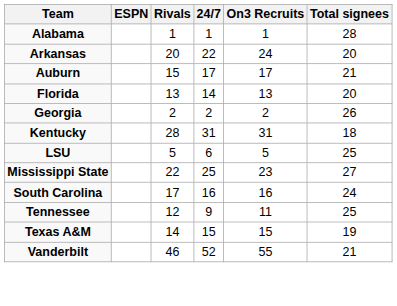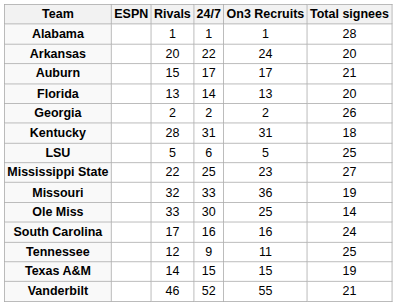 <table class="wikitable sortable" style="text-align:center">
 <tr>
 <th>Team</th>
 <th>ESPN</th>
 <th>Rivals</th>
 <th>24/7</th>
 <th>On3 Recruits</th>
 <th>Total signees</th>
 </tr>
 <tr>
 <td><strong>Alabama</strong></td>
 <td style="text-align:center; background:white"></td>
 <td style="text-align:center; background:white">1</td>
 <td style="text-align:center; background:white">1</td>
 <td style="text-align:center; background:white">1</td>
 <td style="text-align:center; background:white">28</td>
 </tr>
 <tr>
 <td><strong>Arkansas</strong></td>
 <td style="text-align:center; background:white"></td>
 <td style="text-align:center; background:white">20</td>
 <td style="text-align:center; background:white">22</td>
 <td style="text-align:center; background:white">24</td>
 <td style="text-align:center; background:white">20</td>
 </tr>
 <tr>
 <td><strong>Auburn</strong></td>
 <td style="text-align:center; background:white"></td>
 <td style="text-align:center; background:white">15</td>
 <td style="text-align:center; background:white">17</td>
 <td style="text-align:center; background:white">17</td>
 <td style="text-align:center; background:white">21</td>
 </tr>
 <tr>
 <td><strong>Florida</strong></td>
 <td style="text-align:center; background:white"></td>
 <td style="text-align:center; background:white">13</td>
 <td style="text-align:center; background:white">14</td>
 <td style="text-align:center; background:white">13</td>
 <td style="text-align:center; background:white">20</td>
 </tr>
 <tr>
 <td><strong>Georgia</strong></td>
 <td style="text-align:center; background:white"></td>
 <td style="text-align:center; background:white">2</td>
 <td style="text-align:center; background:white">2</td>
 <td style="text-align:center; background:white">2</td>
 <td style="text-align:center; background:white">26</td>
 </tr>
 <tr>
 <td><strong>Kentucky</strong></td>
 <td style="text-align:center; background:white"></td>
 <td style="text-align:center; background:white">28</td>
 <td style="text-align:center; background:white">31</td>
 <td style="text-align:center; background:white">31</td>
 <td style="text-align:center; background:white">18</td>
 </tr>
 <tr>
 <td><strong>LSU</strong></td>
 <td style="text-align:center; background:white"></td>
 <td style="text-align:center; background:white">5</td>
 <td style="text-align:center; background:white">6</td>
 <td style="text-align:center; background:white">5</td>
 <td style="text-align:center; background:white">25</td>
 </tr>
 <tr>
 <td><strong>Mississippi State</strong></td>
 <td style="text-align:center; background:white"></td>
 <td style="text-align:center; background:white">22</td>
 <td style="text-align:center; background:white">25</td>
 <td style="text-align:center; background:white">23</td>
 <td style="text-align:center; background:white">27</td>
 </tr>
 <tr>
+<td><strong>Missouri</strong></td>
+<td style="text-align:center; background:white"></td>
+<td style="text-align:center; background:white">32</td>
+<td style="text-align:center; background:white">33</td>
+<td style="text-align:center; background:white">36</td>
+<td style="text-align:center; background:white">19</td>
+</tr>
+<tr>
+<td><strong>Ole Miss</strong></td>
+<td style="text-align:center; background:white"></td>
+<td style="text-align:center; background:white">33</td>
+<td style="text-align:center; background:white">30</td>
+<td style="text-align:center; background:white">25</td>
+<td style="text-align:center; background:white">14</td>
+</tr>
+<tr>
 <td><strong>South Carolina</strong></td>
 <td style="text-align:center; background:white"></td>
 <td style="text-align:center; background:white">17</td>
 <td style="text-align:center; background:white">16</td>
 <td style="text-align:center; background:white">16</td>
 <td style="text-align:center; background:white">24</td>
 </tr>
 <tr>
 <td><strong>Tennessee</strong></td>
 <td style="text-align:center; background:white"></td>
 <td style="text-align:center; background:white">12</td>
 <td style="text-align:center; background:white">9</td>
 <td style="text-align:center; background:white">11</td>
 <td style="text-align:center; background:white">25</td>
 </tr>
 <tr>
 <td><strong>Texas A&M</strong></td>
 <td style="text-align:center; background:white"></td>
 <td style="text-align:center; background:white">14</td>
 <td style="text-align:center; background:white">15</td>
 <td style="text-align:center; background:white">15</td>
 <td style="text-align:center; background:white">19</td>
 </tr>
 <tr>
 <td><strong>Vanderbilt</strong></td>
 <td style="text-align:center; background:white"></td>
 <td style="text-align:center; background:white">46</td>
 <td style="text-align:center; background:white">52</td>
 <td style="text-align:center; background:white">55</td>
 <td style="text-align:center; background:white">21</td>
 </tr>
 </table>
